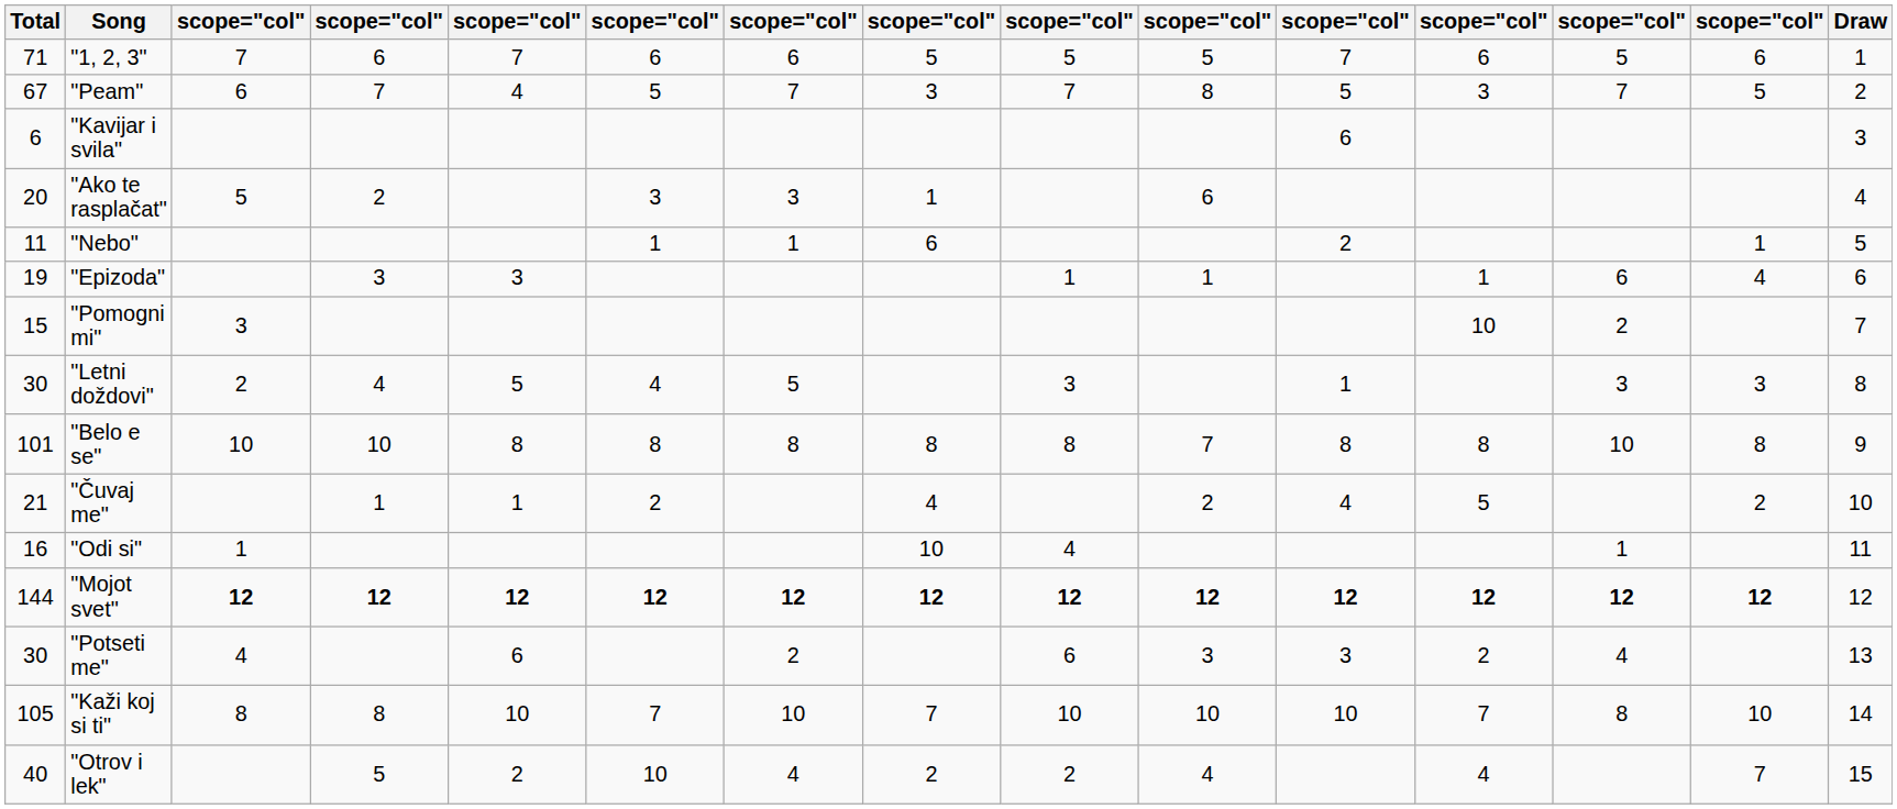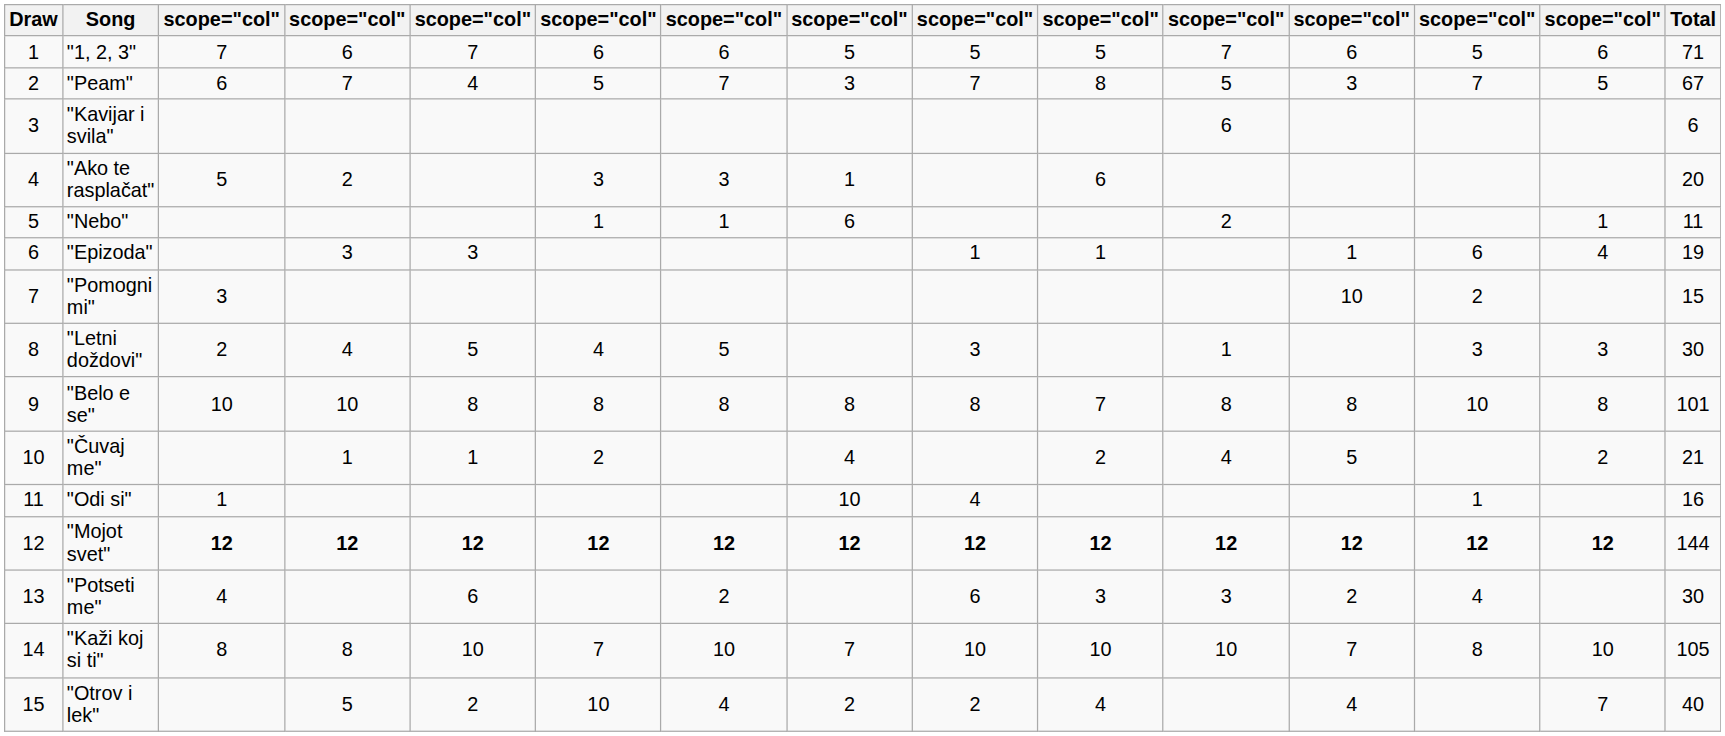 <table class="wikitable mw-collapsible collapsible" style="margin: 1em auto 1em auto; text-align:center;">
 <tr>
-<th>Total</th>
+<th>Draw</th>
 <th>Song</th>
 <th>scope="col" </th>
 <th>scope="col" </th>
 <th>scope="col" </th>
 <th>scope="col" </th>
 <th>scope="col" </th>
 <th>scope="col" </th>
 <th>scope="col" </th>
 <th>scope="col" </th>
 <th>scope="col" </th>
 <th>scope="col" </th>
 <th>scope="col" </th>
 <th>scope="col" </th>
-<th>Draw</th>
+<th>Total</th>
 </tr>
 <tr>
-<td>71</td>
+<td>1</td>
 <td align="left">"1, 2, 3"</td>
 <td>7</td>
 <td>6</td>
 <td>7</td>
 <td>6</td>
 <td>6</td>
 <td>5</td>
 <td>5</td>
 <td>5</td>
 <td>7</td>
 <td>6</td>
 <td>5</td>
 <td>6</td>
-<td>1</td>
+<td>71</td>
 </tr>
 <tr>
-<td>67</td>
+<td>2</td>
 <td align="left">"Peam"</td>
 <td>6</td>
 <td>7</td>
 <td>4</td>
 <td>5</td>
 <td>7</td>
 <td>3</td>
 <td>7</td>
 <td>8</td>
 <td>5</td>
 <td>3</td>
 <td>7</td>
 <td>5</td>
-<td>2</td>
+<td>67</td>
 </tr>
 <tr>
-<td>6</td>
+<td>3</td>
 <td align="left">"Kavijar i svila"</td>
 <td></td>
 <td></td>
 <td></td>
 <td></td>
 <td></td>
 <td></td>
 <td></td>
 <td></td>
 <td>6</td>
 <td></td>
 <td></td>
 <td></td>
-<td>3</td>
+<td>6</td>
 </tr>
 <tr>
-<td>20</td>
+<td>4</td>
 <td align="left">"Ako te rasplačat"</td>
 <td>5</td>
 <td>2</td>
 <td></td>
 <td>3</td>
 <td>3</td>
 <td>1</td>
 <td></td>
 <td>6</td>
 <td></td>
 <td></td>
 <td></td>
 <td></td>
-<td>4</td>
+<td>20</td>
 </tr>
 <tr>
-<td>11</td>
+<td>5</td>
 <td align="left">"Nebo"</td>
 <td></td>
 <td></td>
 <td></td>
 <td>1</td>
 <td>1</td>
 <td>6</td>
 <td></td>
 <td></td>
 <td>2</td>
 <td></td>
 <td></td>
 <td>1</td>
-<td>5</td>
+<td>11</td>
 </tr>
 <tr>
-<td>19</td>
+<td>6</td>
 <td align="left">"Epizoda"</td>
 <td></td>
 <td>3</td>
 <td>3</td>
 <td></td>
 <td></td>
 <td></td>
 <td>1</td>
 <td>1</td>
 <td></td>
 <td>1</td>
 <td>6</td>
 <td>4</td>
-<td>6</td>
+<td>19</td>
 </tr>
 <tr>
-<td>15</td>
+<td>7</td>
 <td align="left">"Pomogni mi"</td>
 <td>3</td>
 <td></td>
 <td></td>
 <td></td>
 <td></td>
 <td></td>
 <td></td>
 <td></td>
 <td></td>
 <td>10</td>
 <td>2</td>
 <td></td>
-<td>7</td>
+<td>15</td>
 </tr>
 <tr>
-<td>30</td>
+<td>8</td>
 <td align="left">"Letni doždovi"</td>
 <td>2</td>
 <td>4</td>
 <td>5</td>
 <td>4</td>
 <td>5</td>
 <td></td>
 <td>3</td>
 <td></td>
 <td>1</td>
 <td></td>
 <td>3</td>
 <td>3</td>
-<td>8</td>
+<td>30</td>
 </tr>
 <tr>
-<td>101</td>
+<td>9</td>
 <td align="left">"Belo e se"</td>
 <td>10</td>
 <td>10</td>
 <td>8</td>
 <td>8</td>
 <td>8</td>
 <td>8</td>
 <td>8</td>
 <td>7</td>
 <td>8</td>
 <td>8</td>
 <td>10</td>
 <td>8</td>
-<td>9</td>
+<td>101</td>
 </tr>
 <tr>
-<td>21</td>
+<td>10</td>
 <td align="left">"Čuvaj me"</td>
 <td></td>
 <td>1</td>
 <td>1</td>
 <td>2</td>
 <td></td>
 <td>4</td>
 <td></td>
 <td>2</td>
 <td>4</td>
 <td>5</td>
 <td></td>
 <td>2</td>
-<td>10</td>
+<td>21</td>
 </tr>
 <tr>
-<td>16</td>
+<td>11</td>
 <td align="left">"Odi si"</td>
 <td>1</td>
 <td></td>
 <td></td>
 <td></td>
 <td></td>
 <td>10</td>
 <td>4</td>
 <td></td>
 <td></td>
 <td></td>
 <td>1</td>
 <td></td>
-<td>11</td>
+<td>16</td>
 </tr>
 <tr>
-<td>144</td>
+<td>12</td>
 <td align="left">"Mojot svet"</td>
 <td><strong>12</strong></td>
 <td><strong>12</strong></td>
 <td><strong>12</strong></td>
 <td><strong>12</strong></td>
 <td><strong>12</strong></td>
 <td><strong>12</strong></td>
 <td><strong>12</strong></td>
 <td><strong>12</strong></td>
 <td><strong>12</strong></td>
 <td><strong>12</strong></td>
 <td><strong>12</strong></td>
 <td><strong>12</strong></td>
-<td>12</td>
+<td>144</td>
 </tr>
 <tr>
-<td>30</td>
+<td>13</td>
 <td align="left">"Potseti me"</td>
 <td>4</td>
 <td></td>
 <td>6</td>
 <td></td>
 <td>2</td>
 <td></td>
 <td>6</td>
 <td>3</td>
 <td>3</td>
 <td>2</td>
 <td>4</td>
 <td></td>
-<td>13</td>
+<td>30</td>
 </tr>
 <tr>
-<td>105</td>
+<td>14</td>
 <td align="left">"Kaži koj si ti"</td>
 <td>8</td>
 <td>8</td>
 <td>10</td>
 <td>7</td>
 <td>10</td>
 <td>7</td>
 <td>10</td>
 <td>10</td>
 <td>10</td>
 <td>7</td>
 <td>8</td>
 <td>10</td>
-<td>14</td>
+<td>105</td>
 </tr>
 <tr>
-<td>40</td>
+<td>15</td>
 <td align="left">"Otrov i lek"</td>
 <td></td>
 <td>5</td>
 <td>2</td>
 <td>10</td>
 <td>4</td>
 <td>2</td>
 <td>2</td>
 <td>4</td>
 <td></td>
 <td>4</td>
 <td></td>
 <td>7</td>
-<td>15</td>
+<td>40</td>
 </tr>
 </table>
